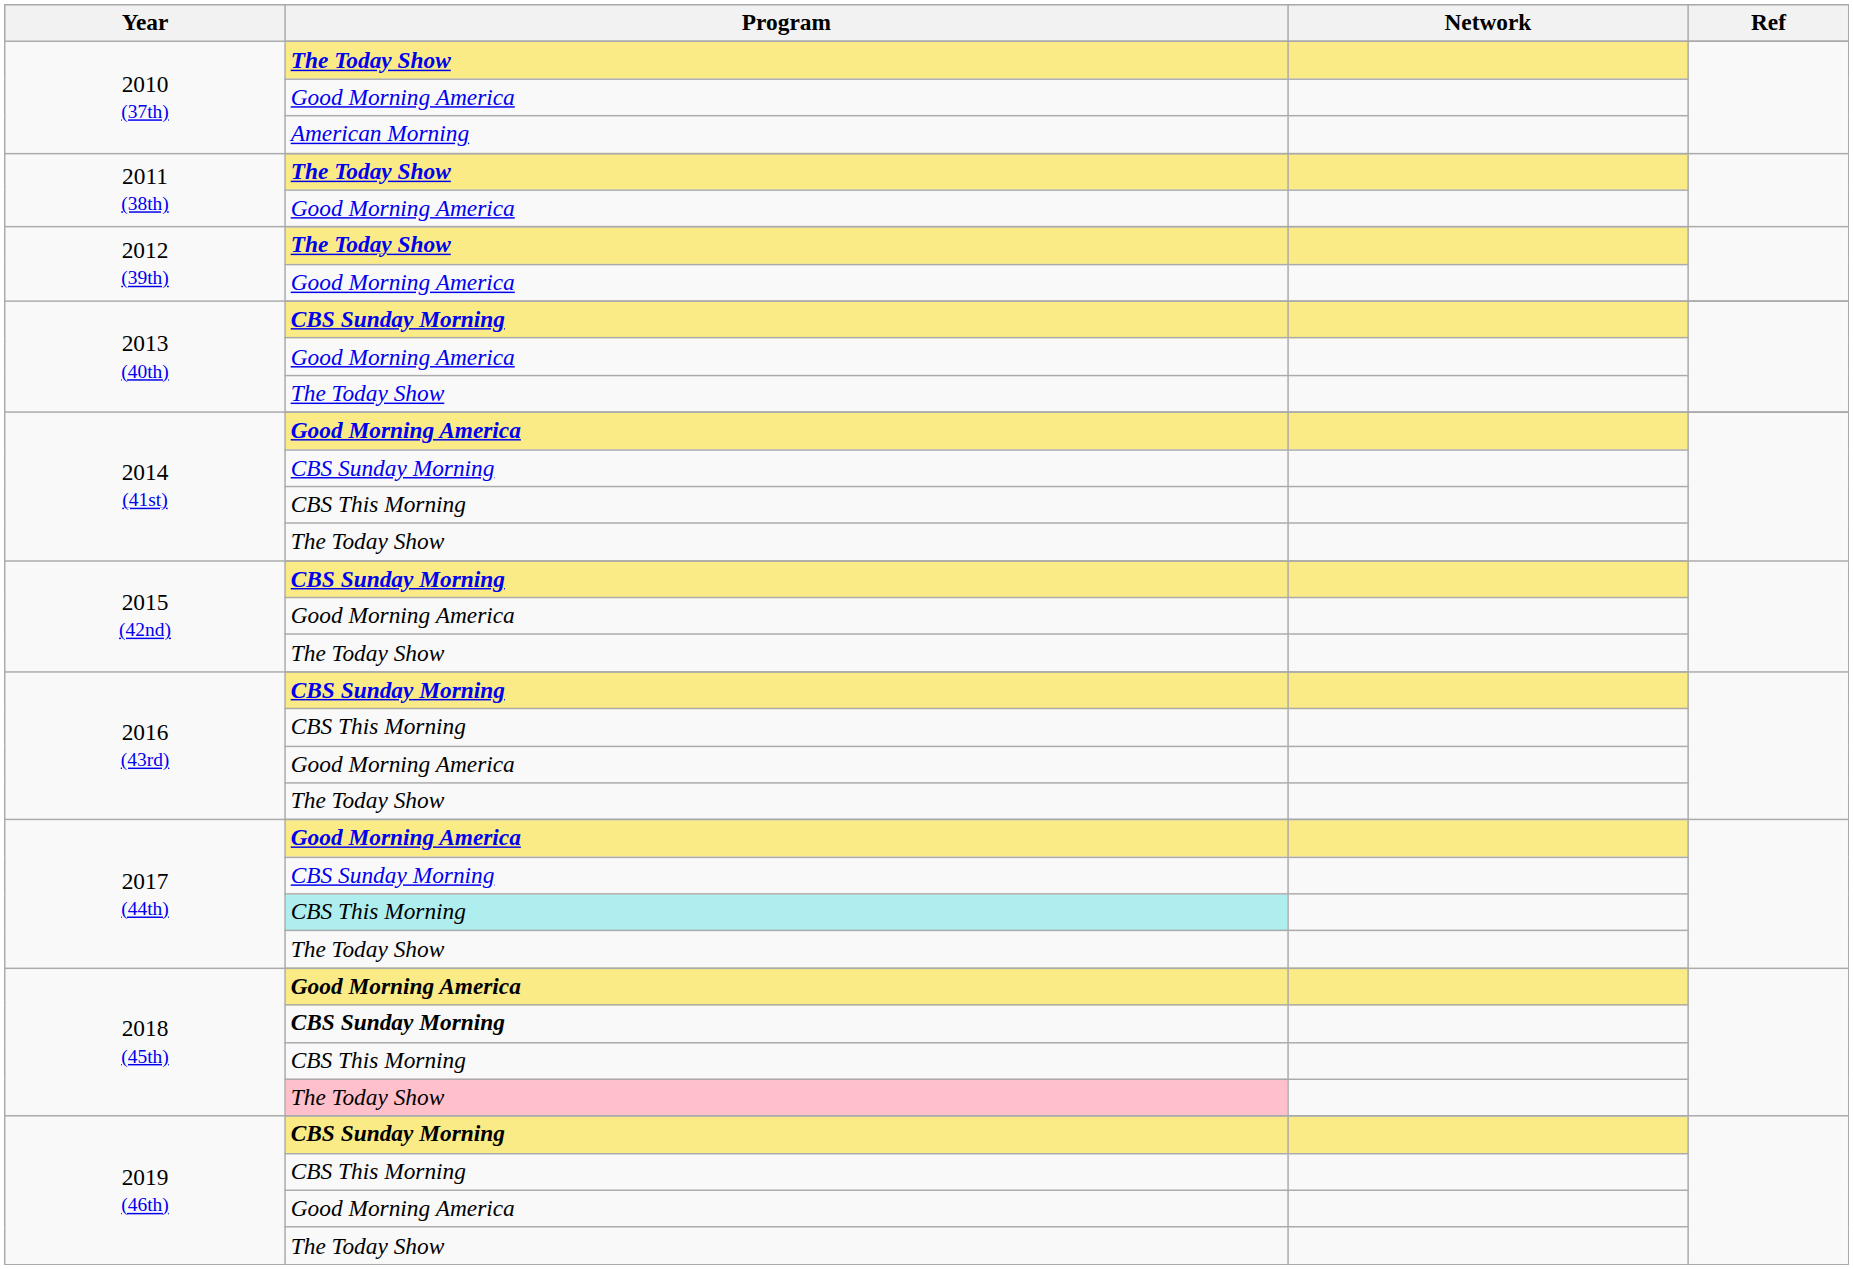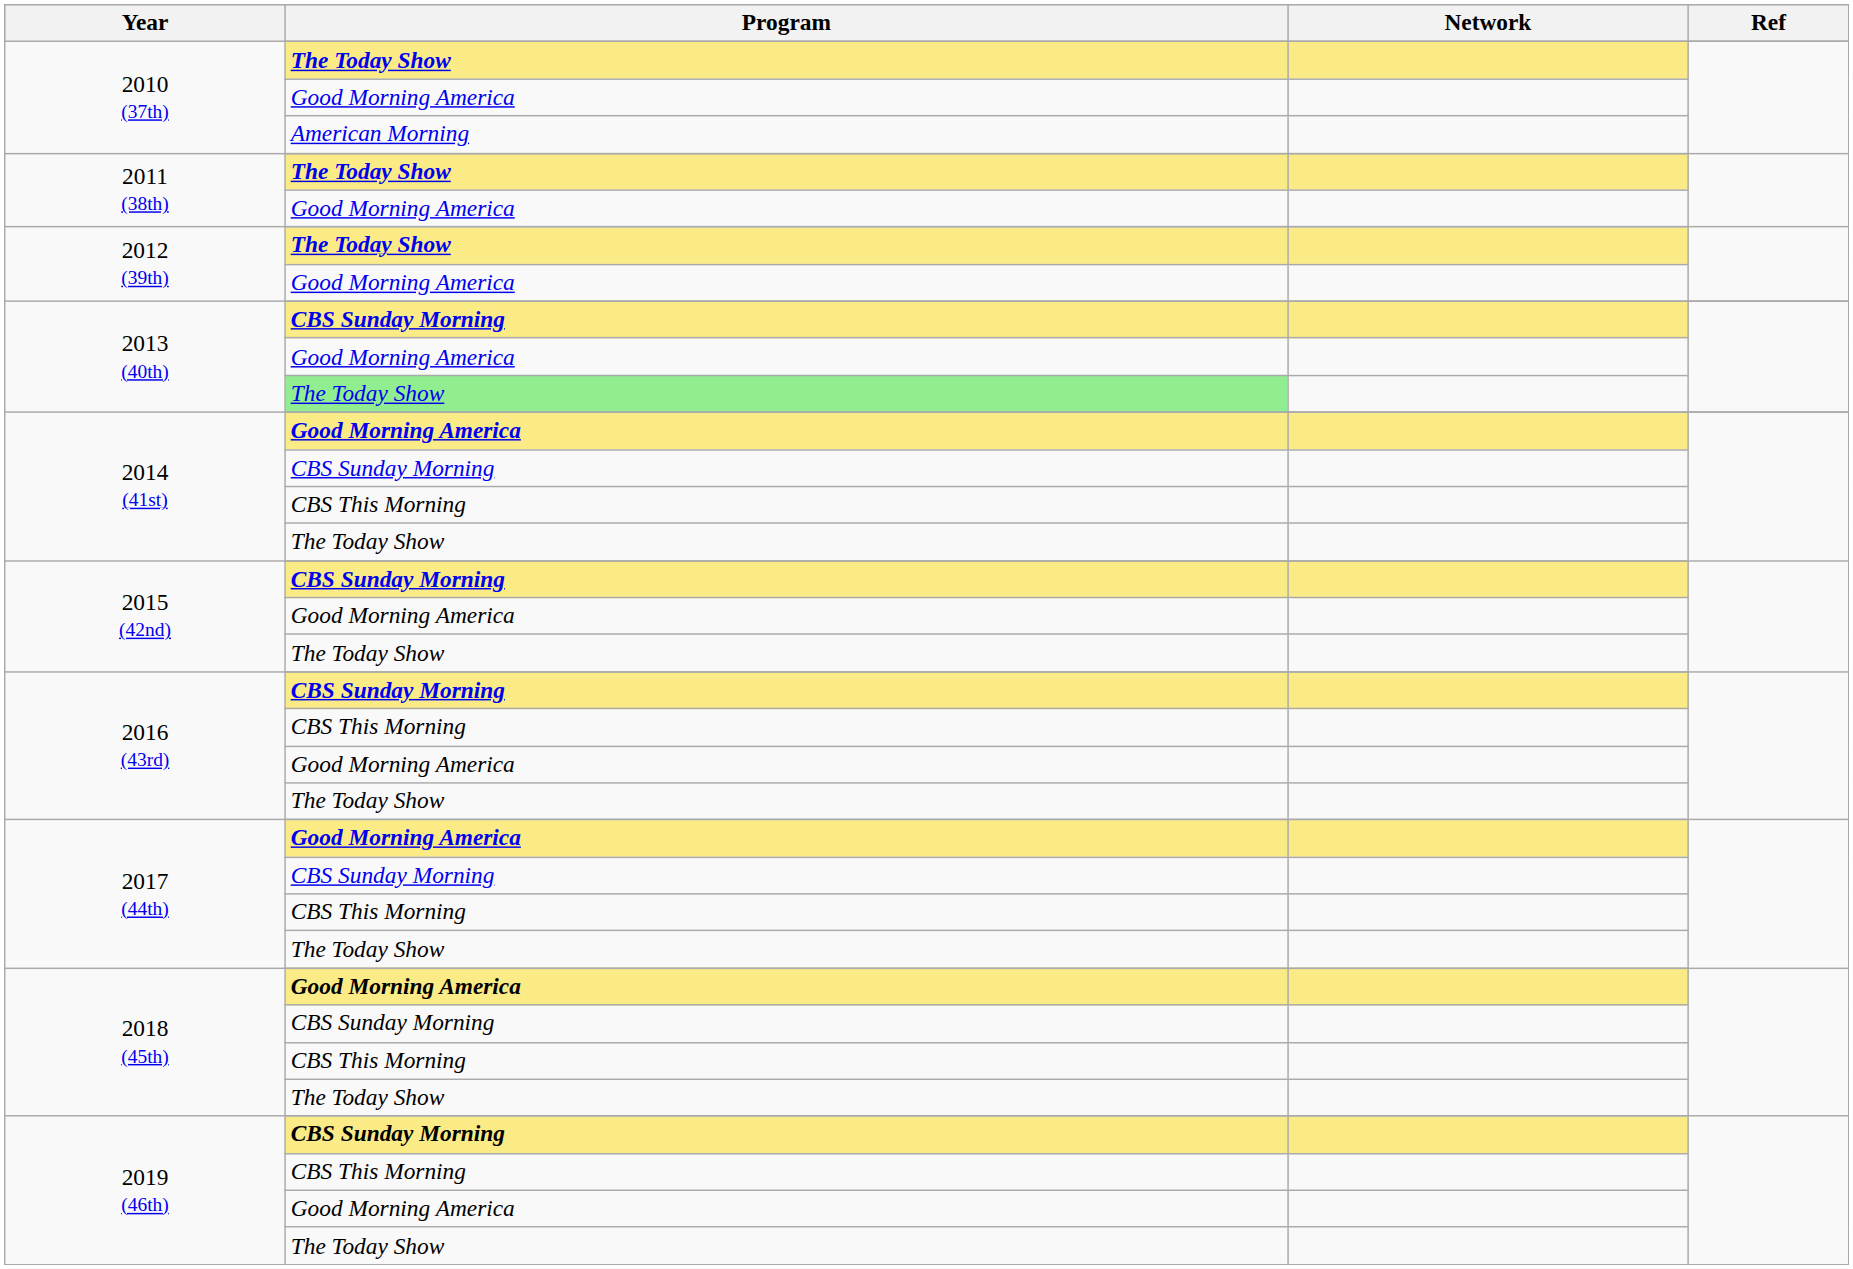 <table class="wikitable" style="width:100%">
 <tr style="background:#bebebe;">
 <th style="width:7%;">Year</th>
 <th style="width:25%;">Program</th>
 <th style="width:10%;">Network</th>
 <th style="width:4%;">Ref</th>
 </tr>
 <tr>
 <td rowspan=4 style="text-align:center">2010 <br><small><a href='#'>(37th)</a></small></td>
 </tr>
 <tr>
 <td style="background:#FAEB86"><strong><em><a href='#'>The Today Show</a></em></strong></td>
 <td style="background:#FAEB86"></td>
 <td rowspan=4 style="text-align:center"></td>
 </tr>
 <tr>
 <td><em><a href='#'>Good Morning America</a></em></td>
 <td></td>
 </tr>
 <tr>
 <td><em><a href='#'>American Morning</a></em></td>
 <td></td>
 </tr>
 <tr>
 <td rowspan=3 style="text-align:center">2011 <br><small><a href='#'>(38th)</a></small></td>
 </tr>
 <tr>
 <td style="background:#FAEB86"><strong><em><a href='#'>The Today Show</a></em></strong></td>
 <td style="background:#FAEB86"></td>
 <td rowspan=3></td>
 </tr>
 <tr>
 <td><em><a href='#'>Good Morning America</a></em></td>
 <td></td>
 </tr>
 <tr>
 <td rowspan=3 style="text-align:center">2012 <br><small><a href='#'>(39th)</a></small></td>
 </tr>
 <tr>
 <td style="background:#FAEB86"><strong><em><a href='#'>The Today Show</a></em></strong></td>
 <td style="background:#FAEB86"></td>
 <td rowspan=2></td>
 </tr>
 <tr>
 <td><em><a href='#'>Good Morning America</a></em></td>
 <td></td>
 </tr>
 <tr>
 <td rowspan="4" style="text-align:center">2013 <br><small><a href='#'>(40th)</a></small></td>
 </tr>
 <tr>
 <td style="background:#FAEB86"><strong><em><a href='#'>CBS Sunday Morning</a></em></strong></td>
 <td style="background:#FAEB86"></td>
 <td rowspan="3"></td>
 </tr>
 <tr>
 <td><em><a href='#'>Good Morning America</a></em></td>
 <td></td>
 </tr>
 <tr>
-<td><em><a href='#'>The Today Show</a></em></td>
+<td style="background: lightgreen;"><em><a href='#'>The Today Show</a></em></td>
 <td></td>
 </tr>
 <tr>
 <td rowspan="5" style="text-align:center">2014 <br><small><a href='#'>(41st)</a></small></td>
 </tr>
 <tr>
 <td style="background:#FAEB86"><strong><em><a href='#'>Good Morning America</a></em></strong></td>
 <td style="background:#FAEB86"></td>
 <td rowspan=5 style="text-align:center"></td>
 </tr>
 <tr>
 <td><em><a href='#'>CBS Sunday Morning</a></em></td>
 <td></td>
 </tr>
 <tr>
 <td><em>CBS This Morning</em></td>
 <td></td>
 </tr>
 <tr>
 <td><em>The Today Show</em></td>
 <td></td>
 </tr>
 <tr>
 <td rowspan="4" style="text-align:center">2015 <br><small><a href='#'>(42nd)</a></small></td>
 </tr>
 <tr>
 <td style="background:#FAEB86"><strong><em><a href='#'>CBS Sunday Morning</a></em></strong></td>
 <td style="background:#FAEB86"></td>
 <td rowspan=4 style="text-align:center"></td>
 </tr>
 <tr>
 <td><em>Good Morning America</em></td>
 <td></td>
 </tr>
 <tr>
 <td><em>The Today Show</em></td>
 <td></td>
 </tr>
 <tr>
 <td rowspan="5" style="text-align:center">2016 <br><small><a href='#'>(43rd)</a></small></td>
 </tr>
 <tr>
 <td style="background:#FAEB86"><strong><em><a href='#'>CBS Sunday Morning</a></em></strong></td>
 <td style="background:#FAEB86"></td>
 <td rowspan=5 style="text-align:center"></td>
 </tr>
 <tr>
 <td><em>CBS This Morning</em></td>
 <td></td>
 </tr>
 <tr>
 <td><em>Good Morning America</em></td>
 <td></td>
 </tr>
 <tr>
 <td><em>The Today Show</em></td>
 <td></td>
 </tr>
 <tr>
 <td rowspan="5" style="text-align:center">2017 <br><small><a href='#'>(44th)</a></small></td>
 </tr>
 <tr>
 <td style="background:#FAEB86"><strong><em><a href='#'>Good Morning America</a></em></strong></td>
 <td style="background:#FAEB86"></td>
 <td rowspan=5 style="text-align:center"></td>
 </tr>
 <tr>
 <td><em><a href='#'>CBS Sunday Morning</a></em></td>
 <td></td>
 </tr>
 <tr>
-<td style="background: paleturquoise;"><em>CBS This Morning</em></td>
+<td><em>CBS This Morning</em></td>
 <td></td>
 </tr>
 <tr>
 <td><em>The Today Show</em></td>
 <td></td>
 </tr>
 <tr>
 <td rowspan="5" style="text-align:center">2018 <br><small><a href='#'>(45th)</a></small></td>
 </tr>
 <tr>
 <td style="background:#FAEB86"><strong><em>Good Morning America</em></strong></td>
 <td style="background:#FAEB86"></td>
 <td rowspan=5 style="text-align:center"></td>
 </tr>
 <tr>
-<td><strong><em>CBS Sunday Morning</em></strong></td>
+<td><em>CBS Sunday Morning</em></td>
 <td></td>
 </tr>
 <tr>
 <td><em>CBS This Morning</em></td>
 <td></td>
 </tr>
 <tr>
-<td style="background: pink;"><em>The Today Show</em></td>
+<td><em>The Today Show</em></td>
 <td></td>
 </tr>
 <tr>
 <td rowspan="5" style="text-align:center">2019 <br><small><a href='#'>(46th)</a></small></td>
 </tr>
 <tr>
 <td style="background:#FAEB86"><strong><em>CBS Sunday Morning</em></strong></td>
 <td style="background:#FAEB86"></td>
 <td rowspan=5 style="text-align:center"></td>
 </tr>
 <tr>
 <td><em>CBS This Morning</em></td>
 <td></td>
 </tr>
 <tr>
 <td><em>Good Morning America</em></td>
 <td></td>
 </tr>
 <tr>
 <td><em>The Today Show</em></td>
 <td></td>
 </tr>
 </table>
